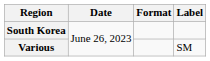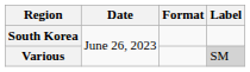 <table class="wikitable plainrowheaders">
 <tr>
 <th scope="col">Region</th>
 <th scope="col">Date</th>
 <th scope="col">Format</th>
 <th scope="col">Label</th>
 </tr>
 <tr>
 <th scope="row">South Korea</th>
 <td rowspan="2">June 26, 2023</td>
 <td></td>
 <td></td>
 </tr>
 <tr>
 <th scope="row">Various </th>
 <td></td>
-<td>SM</td>
+<td style="background: lightgrey;">SM</td>
 </tr>
 </table>
